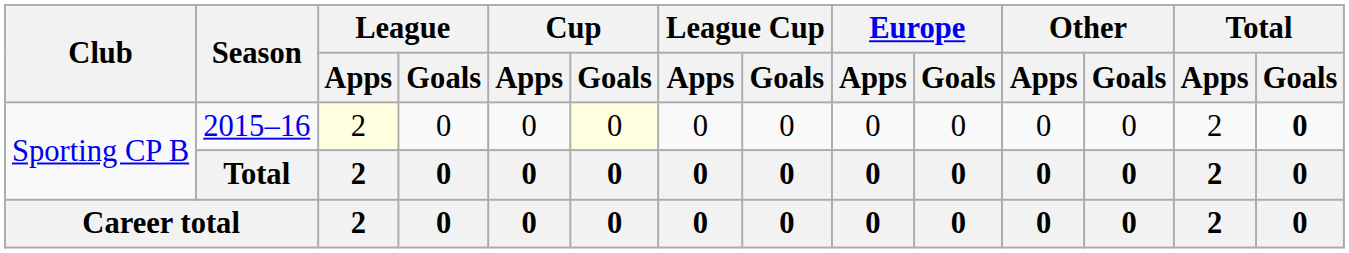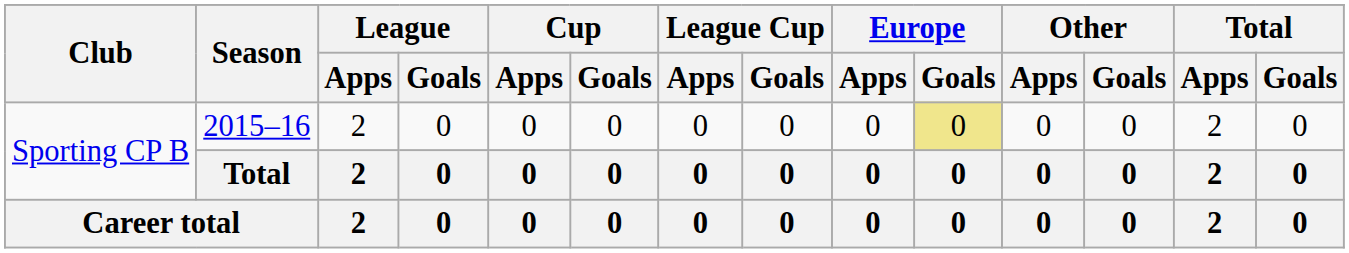 <table class="wikitable" style="text-align: center;">
 <tr>
 <th rowspan="2">Club</th>
 <th rowspan="2">Season</th>
 <th colspan="2">League</th>
 <th colspan="2">Cup</th>
 <th colspan="2">League Cup</th>
 <th colspan="2"><a href='#'>Europe</a></th>
 <th colspan="2">Other</th>
 <th colspan="2">Total</th>
 </tr>
 <tr>
 <th>Apps</th>
 <th>Goals</th>
 <th>Apps</th>
 <th>Goals</th>
 <th>Apps</th>
 <th>Goals</th>
 <th>Apps</th>
 <th>Goals</th>
 <th>Apps</th>
 <th>Goals</th>
 <th>Apps</th>
 <th>Goals</th>
 </tr>
 <tr>
 <td rowspan="2" valign="center"><a href='#'>Sporting CP B</a></td>
 <td><a href='#'>2015–16</a></td>
-<td style="background: lightyellow;">2</td>
-<td>0</td>
-<td>0</td>
-<td style="background: lightyellow;">0</td>
+<td>2</td>
 <td>0</td>
 <td>0</td>
 <td>0</td>
 <td>0</td>
 <td>0</td>
 <td>0</td>
+<td style="background: khaki;">0</td>
+<td>0</td>
+<td>0</td>
 <td>2</td>
-<td><strong>0</strong></td>
+<td>0</td>
 </tr>
 <tr>
 <th>Total</th>
 <th>2</th>
 <th>0</th>
 <th>0</th>
 <th>0</th>
 <th>0</th>
 <th>0</th>
 <th>0</th>
 <th>0</th>
 <th>0</th>
 <th>0</th>
 <th>2</th>
 <th>0</th>
 </tr>
 <tr>
 <th colspan="2">Career total</th>
 <th>2</th>
 <th>0</th>
 <th>0</th>
 <th>0</th>
 <th>0</th>
 <th>0</th>
 <th>0</th>
 <th>0</th>
 <th>0</th>
 <th>0</th>
 <th>2</th>
 <th>0</th>
 </tr>
 </table>
